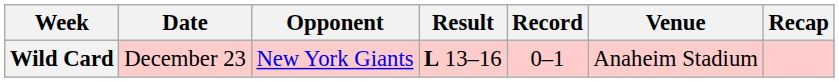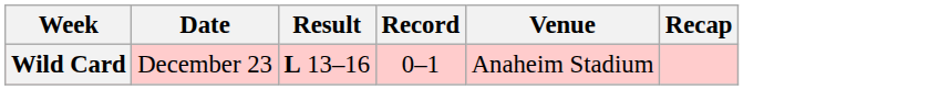 <table class="wikitable" style="text-align:center">
 <tr>
 <th>Week</th>
 <th>Date</th>
-<th>Opponent</th>
 <th>Result</th>
 <th>Record</th>
 <th>Venue</th>
 <th>Recap</th>
 </tr>
 <tr align="center" bgcolor=#fcc>
 <th>Wild Card</th>
 <td>December 23</td>
-<td><a href='#'>New York Giants</a></td>
 <td><strong>L</strong> 13–16</td>
 <td>0–1</td>
 <td>Anaheim Stadium</td>
 <td></td>
 </tr>
 </table>
